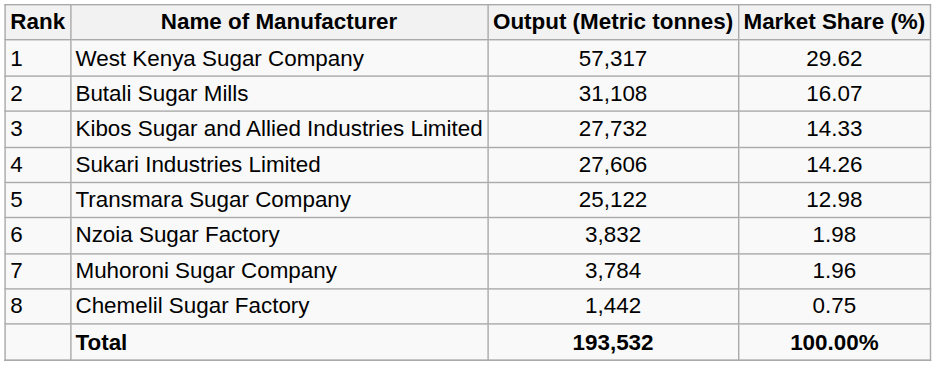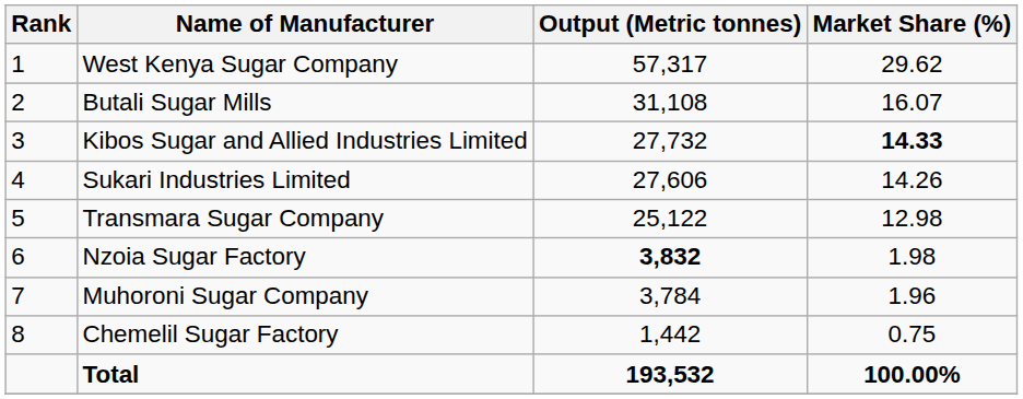 <table class="wikitable sortable" style="margin:0.5em auto">
 <tr>
 <th style="width:2em;">Rank</th>
 <th>Name of Manufacturer</th>
 <th>Output (Metric tonnes)</th>
 <th>Market Share (%)</th>
 </tr>
 <tr>
 <td>1</td>
 <td>West Kenya Sugar Company</td>
 <td style="text-align:center;">57,317</td>
 <td style="text-align:center;">29.62</td>
 </tr>
 <tr>
 <td>2</td>
 <td>Butali Sugar Mills</td>
 <td style="text-align:center;">31,108</td>
 <td style="text-align:center;">16.07</td>
 </tr>
 <tr>
 <td>3</td>
 <td>Kibos Sugar and Allied Industries Limited</td>
 <td style="text-align:center;">27,732</td>
-<td style="text-align:center;">14.33</td>
+<td style="text-align:center;"><strong>14.33</strong></td>
 </tr>
 <tr>
 <td>4</td>
 <td>Sukari Industries Limited</td>
 <td style="text-align:center;">27,606</td>
 <td style="text-align:center;">14.26</td>
 </tr>
 <tr>
 <td>5</td>
 <td>Transmara Sugar Company</td>
 <td style="text-align:center;">25,122</td>
 <td style="text-align:center;">12.98</td>
 </tr>
 <tr>
 <td>6</td>
 <td>Nzoia Sugar Factory</td>
-<td style="text-align:center;">3,832</td>
+<td style="text-align:center;"><strong>3,832</strong></td>
 <td style="text-align:center;">1.98</td>
 </tr>
 <tr>
 <td>7</td>
 <td>Muhoroni Sugar Company</td>
 <td style="text-align:center;">3,784</td>
 <td style="text-align:center;">1.96</td>
 </tr>
 <tr>
 <td>8</td>
 <td>Chemelil Sugar Factory</td>
 <td style="text-align:center;">1,442</td>
 <td style="text-align:center;">0.75</td>
 </tr>
 <tr>
 <td></td>
 <td><strong>Total</strong></td>
 <td style="text-align:center;"><strong>193,532</strong></td>
 <td style="text-align:center;"><strong>100.00%</strong></td>
 </tr>
 <tr>
 </tr>
 </table>
